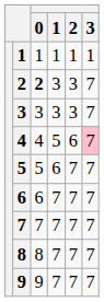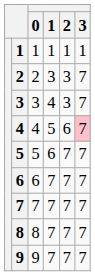 <table class="wikitable floatright" style="text-align:center">
 <tr>
 <th colspan="2" rowspan="2"> </th>
 <th colspan="4"></th>
 </tr>
 <tr>
 <th>0</th>
 <th>1</th>
 <th>2</th>
 <th>3</th>
 </tr>
 <tr>
 <th rowspan="9"></th>
 <th>1</th>
 <td>1</td>
 <td>1</td>
 <td>1</td>
 <td>1</td>
 </tr>
 <tr>
 <th>2</th>
-<td><strong>2</strong></td>
+<td>2</td>
 <td>3</td>
 <td>3</td>
 <td>7</td>
 </tr>
 <tr>
 <th>3</th>
 <td>3</td>
-<td>3</td>
+<td>4</td>
 <td>3</td>
 <td>7</td>
 </tr>
 <tr>
 <th>4</th>
 <td>4</td>
 <td>5</td>
 <td>6</td>
 <td style="background: pink;">7</td>
 </tr>
 <tr>
 <th>5</th>
 <td>5</td>
 <td>6</td>
 <td>7</td>
 <td>7</td>
 </tr>
 <tr>
 <th>6</th>
 <td>6</td>
 <td>7</td>
 <td>7</td>
 <td>7</td>
 </tr>
 <tr>
 <th>7</th>
 <td>7</td>
 <td>7</td>
 <td>7</td>
 <td>7</td>
 </tr>
 <tr>
 <th>8</th>
 <td>8</td>
 <td>7</td>
 <td>7</td>
 <td>7</td>
 </tr>
 <tr>
 <th>9</th>
 <td>9</td>
 <td>7</td>
 <td>7</td>
 <td>7</td>
 </tr>
 </table>
